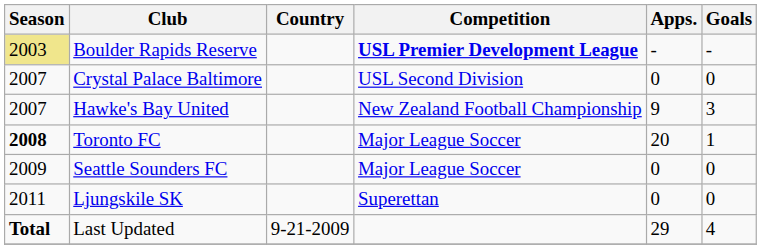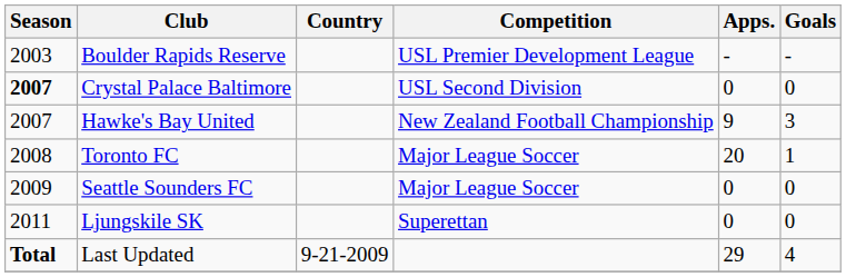 <table class="wikitable">
 <tr ----g>
 <th>Season</th>
 <th>Club</th>
 <th>Country</th>
 <th>Competition</th>
 <th>Apps.</th>
 <th>Goals</th>
 </tr>
 <tr ---->
-<td style="background: khaki;">2003</td>
+<td>2003</td>
 <td><a href='#'>Boulder Rapids Reserve</a></td>
 <td></td>
-<td><strong><a href='#'>USL Premier Development League</a></strong></td>
+<td><a href='#'>USL Premier Development League</a></td>
 <td>-</td>
 <td>-</td>
 </tr>
 <tr ---->
-<td>2007</td>
+<td><strong>2007</strong></td>
 <td><a href='#'>Crystal Palace Baltimore</a></td>
 <td></td>
 <td><a href='#'>USL Second Division</a></td>
 <td>0</td>
 <td>0</td>
 </tr>
 <tr ---->
 <td>2007</td>
 <td><a href='#'>Hawke's Bay United</a></td>
 <td></td>
 <td><a href='#'>New Zealand Football Championship</a></td>
 <td>9</td>
 <td>3</td>
 </tr>
 <tr ---->
-<td><strong>2008</strong></td>
+<td>2008</td>
 <td><a href='#'>Toronto FC</a></td>
 <td></td>
 <td><a href='#'>Major League Soccer</a></td>
 <td>20</td>
 <td>1</td>
 </tr>
 <tr ---->
 <td>2009</td>
 <td><a href='#'>Seattle Sounders FC</a></td>
 <td></td>
 <td><a href='#'>Major League Soccer</a></td>
 <td>0</td>
 <td>0</td>
 </tr>
 <tr ---->
 <td>2011</td>
 <td><a href='#'>Ljungskile SK</a></td>
 <td></td>
 <td><a href='#'>Superettan</a></td>
 <td>0</td>
 <td>0</td>
 </tr>
 <tr ---->
 <td><strong>Total</strong></td>
 <td>Last Updated</td>
 <td>9-21-2009</td>
 <td></td>
 <td>29</td>
 <td>4</td>
 </tr>
 <tr ---->
 </tr>
 </table>
